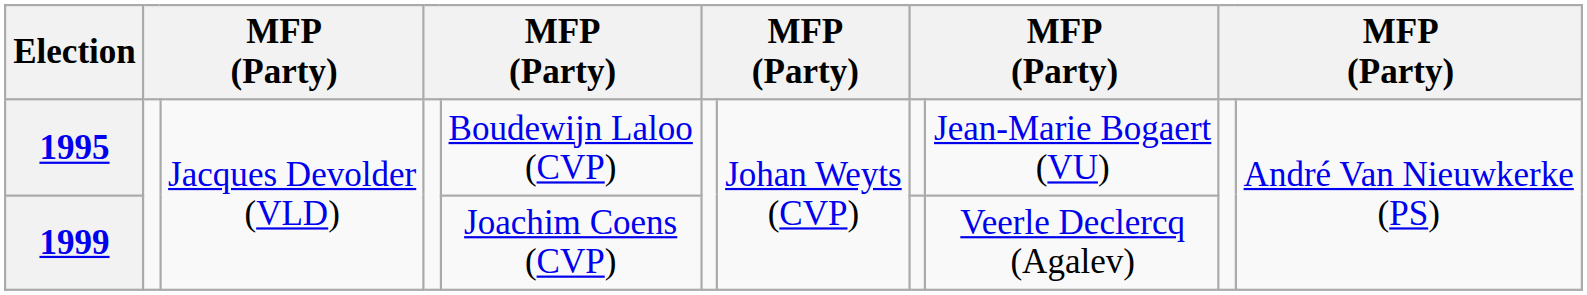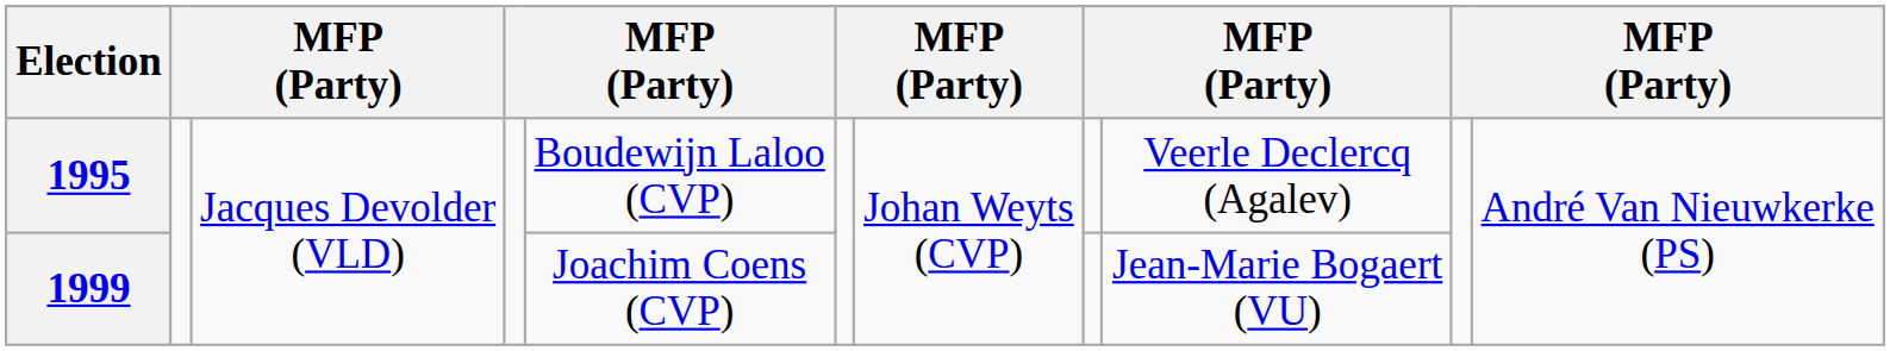 <table class="wikitable" style="text-align:center">
 <tr>
 <th>Election</th>
 <th colspan=2>MFP<br>(Party)</th>
 <th colspan=2>MFP<br>(Party)</th>
 <th colspan=2>MFP<br>(Party)</th>
 <th colspan=2>MFP<br>(Party)</th>
 <th colspan=2>MFP<br>(Party)</th>
 </tr>
 <tr>
 <th><a href='#'>1995</a></th>
 <td rowspan=2; style="background-color: "></td>
 <td rowspan=2><a href='#'>Jacques Devolder</a><br>(<a href='#'>VLD</a>)</td>
 <td rowspan=2; style="background-color: "></td>
 <td><a href='#'>Boudewijn Laloo</a><br>(<a href='#'>CVP</a>)</td>
 <td rowspan=2; style="background-color: "></td>
 <td rowspan=2><a href='#'>Johan Weyts</a><br>(<a href='#'>CVP</a>)</td>
 <td rowspan=1; style="background-color: "></td>
-<td><a href='#'>Jean-Marie Bogaert</a><br>(<a href='#'>VU</a>)</td>
+<td><a href='#'>Veerle Declercq</a><br>(Agalev)</td>
 <td rowspan=2; style="background-color: "></td>
 <td rowspan=2><a href='#'>André Van Nieuwkerke</a><br>(<a href='#'>PS</a>)</td>
 </tr>
 <tr>
 <th><a href='#'>1999</a></th>
 <td><a href='#'>Joachim Coens</a><br>(<a href='#'>CVP</a>)</td>
 <td rowspan=1; style="background-color: "></td>
-<td><a href='#'>Veerle Declercq</a><br>(Agalev)</td>
+<td><a href='#'>Jean-Marie Bogaert</a><br>(<a href='#'>VU</a>)</td>
 </tr>
 </table>
